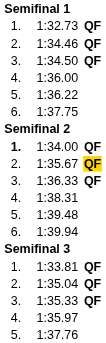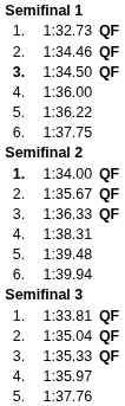 <table style="text-align:center">
 <tr>
 <td colspan=4 align=left><strong>Semifinal 1</strong></td>
 </tr>
 <tr>
 <td width=30>1.</td>
 <td align=left></td>
 <td width=60>1:32.73</td>
 <td><strong>QF</strong></td>
 </tr>
 <tr>
 <td>2.</td>
 <td align=left></td>
 <td>1:34.46</td>
 <td><strong>QF</strong></td>
 </tr>
 <tr>
-<td>3.</td>
+<td><strong>3.</strong></td>
 <td align=left></td>
 <td>1:34.50</td>
 <td><strong>QF</strong></td>
 </tr>
 <tr>
 <td>4.</td>
 <td align=left></td>
 <td>1:36.00</td>
 <td></td>
 </tr>
 <tr>
 <td>5.</td>
 <td align=left></td>
 <td>1:36.22</td>
 <td></td>
 </tr>
 <tr>
 <td>6.</td>
 <td align=left></td>
 <td>1:37.75</td>
 <td></td>
 </tr>
 <tr>
 <td colspan=4 align=left><strong>Semifinal 2</strong></td>
 </tr>
 <tr>
 <td width=30><strong>1.</strong></td>
 <td align=left></td>
 <td width=60>1:34.00</td>
 <td><strong>QF</strong></td>
 </tr>
 <tr>
 <td>2.</td>
 <td align=left></td>
 <td>1:35.67</td>
-<td style="background: gold;"><strong>QF</strong></td>
+<td><strong>QF</strong></td>
 </tr>
 <tr>
 <td>3.</td>
 <td align=left></td>
 <td>1:36.33</td>
 <td><strong>QF</strong></td>
 </tr>
 <tr>
 <td>4.</td>
 <td align=left></td>
 <td>1:38.31</td>
 <td></td>
 </tr>
 <tr>
 <td>5.</td>
 <td align=left></td>
 <td>1:39.48</td>
 <td></td>
 </tr>
 <tr>
 <td>6.</td>
 <td align=left></td>
 <td>1:39.94</td>
 <td></td>
 </tr>
 <tr>
 <td colspan=4 align=left><strong>Semifinal 3</strong></td>
 </tr>
 <tr>
 <td width=30>1.</td>
 <td align=left></td>
 <td width=60>1:33.81</td>
 <td><strong>QF</strong></td>
 </tr>
 <tr>
 <td>2.</td>
 <td align=left></td>
 <td>1:35.04</td>
 <td><strong>QF</strong></td>
 </tr>
 <tr>
 <td>3.</td>
 <td align=left></td>
 <td>1:35.33</td>
 <td><strong>QF</strong></td>
 </tr>
 <tr>
 <td>4.</td>
 <td align=left></td>
 <td>1:35.97</td>
 <td></td>
 </tr>
 <tr>
 <td>5.</td>
 <td align=left></td>
 <td>1:37.76</td>
 <td></td>
 </tr>
 </table>
